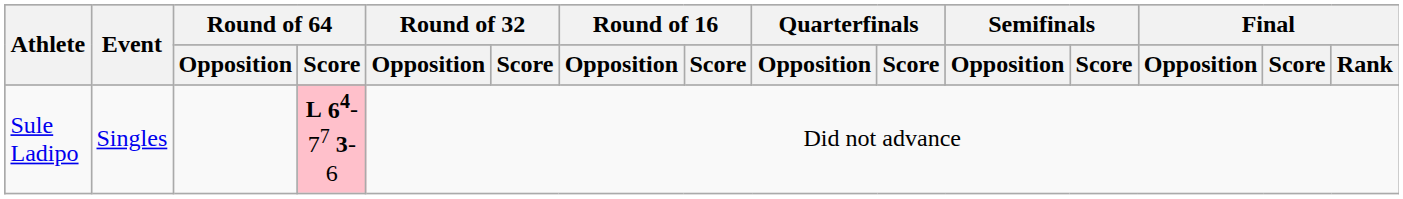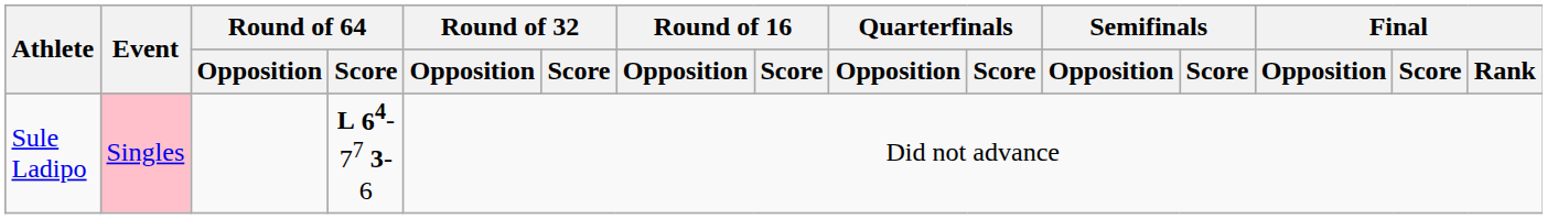 <table class=wikitable style="font-size:90%">
 <tr>
 <th rowspan="2">Athlete</th>
 <th rowspan="2">Event</th>
 <th colspan="2">Round of 64</th>
 <th colspan="2">Round of 32</th>
 <th colspan="2">Round of 16</th>
 <th colspan="2">Quarterfinals</th>
 <th colspan="2">Semifinals</th>
 <th colspan="3">Final</th>
 </tr>
 <tr>
 <th>Opposition</th>
 <th>Score</th>
 <th>Opposition</th>
 <th>Score</th>
 <th>Opposition</th>
 <th>Score</th>
 <th>Opposition</th>
 <th>Score</th>
 <th>Opposition</th>
 <th>Score</th>
 <th>Opposition</th>
 <th>Score</th>
 <th>Rank</th>
 </tr>
 <tr>
 <td><a href='#'>Sule Ladipo</a></td>
-<td><a href='#'>Singles</a></td>
+<td style="background: pink;"><a href='#'>Singles</a></td>
 <td align=center></td>
-<td align=center style="background: pink;"><strong>L</strong> <strong>6<sup>4</sup></strong>-7<sup>7</sup> <strong>3</strong>-6</td>
+<td align=center><strong>L</strong> <strong>6<sup>4</sup></strong>-7<sup>7</sup> <strong>3</strong>-6</td>
 <td align=center colspan=11>Did not advance</td>
 </tr>
 </table>
